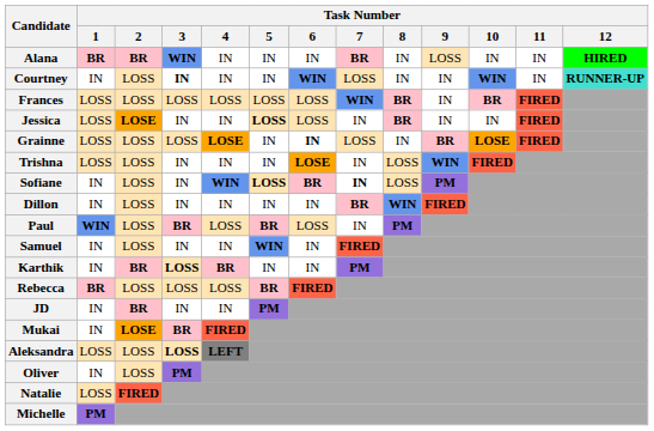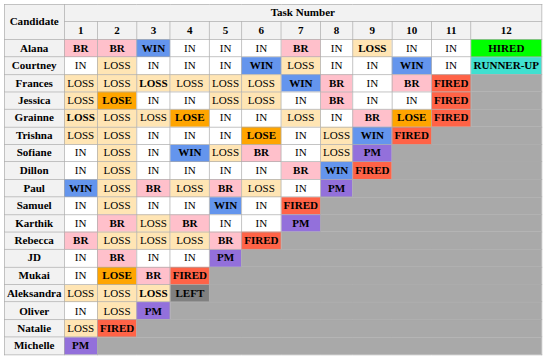 <table class="wikitable" style="text-align:center">
 <tr>
 <th rowspan="2">Candidate</th>
 <th colspan="13">Task Number</th>
 </tr>
 <tr>
 <th>1</th>
 <th>2</th>
 <th>3</th>
 <th>4</th>
 <th>5</th>
 <th>6</th>
 <th>7</th>
 <th>8</th>
 <th>9</th>
 <th>10</th>
 <th>11</th>
 <th>12</th>
 </tr>
 <tr>
 <th>Alana</th>
 <td style="background:pink;"><strong>BR</strong></td>
 <td style="background:pink;"><strong>BR</strong></td>
 <td style="background:cornflowerblue;"><strong>WIN</strong></td>
 <td style="background:white;">IN</td>
 <td style="background:white;">IN</td>
 <td style="background:white;">IN</td>
 <td style="background:pink;"><strong>BR</strong></td>
 <td style="background:white;">IN</td>
-<td style="background:#FFE5B4;">LOSS</td>
+<td style="background:#FFE5B4;"><strong>LOSS</strong></td>
 <td style="background:white;">IN</td>
 <td style="background:white;">IN</td>
 <td style="background:lime;"><strong>HIRED</strong></td>
 </tr>
 <tr>
 <th>Courtney</th>
 <td style="background:white;">IN</td>
 <td style="background:#FFE5B4;">LOSS</td>
-<td style="background:white;"><strong>IN</strong></td>
+<td style="background:white;">IN</td>
 <td style="background:white;">IN</td>
 <td style="background:white;">IN</td>
 <td style="background:cornflowerblue;"><strong>WIN</strong></td>
 <td style="background:#FFE5B4;">LOSS</td>
 <td style="background:white;">IN</td>
 <td style="background:white;">IN</td>
 <td style="background:cornflowerblue;"><strong>WIN</strong></td>
 <td style="background:white;">IN</td>
 <td style="background:turquoise;"><strong>RUNNER-UP</strong></td>
 </tr>
 <tr>
 <th>Frances</th>
 <td style="background:#FFE5B4;">LOSS</td>
 <td style="background:#FFE5B4;">LOSS</td>
-<td style="background:#FFE5B4;">LOSS</td>
+<td style="background:#FFE5B4;"><strong>LOSS</strong></td>
 <td style="background:#FFE5B4;">LOSS</td>
 <td style="background:#FFE5B4;">LOSS</td>
 <td style="background:#FFE5B4;">LOSS</td>
 <td style="background:cornflowerblue;"><strong>WIN</strong></td>
 <td style="background:pink;"><strong>BR</strong></td>
 <td style="background:white;">IN</td>
 <td style="background:pink;"><strong>BR</strong></td>
 <td style="background:tomato;"><strong>FIRED</strong></td>
 <td colspan="1" style="background:darkgrey;"></td>
 </tr>
 <tr>
 <th>Jessica</th>
 <td style="background:#FFE5B4;">LOSS</td>
 <td style="background:orange;"><strong>LOSE</strong></td>
 <td style="background:white;">IN</td>
 <td style="background:white;">IN</td>
-<td style="background:#FFE5B4;"><strong>LOSS</strong></td>
+<td style="background:#FFE5B4;">LOSS</td>
 <td style="background:#FFE5B4;">LOSS</td>
 <td style="background:white;">IN</td>
 <td style="background:pink;"><strong>BR</strong></td>
 <td style="background:white;">IN</td>
 <td style="background:white;">IN</td>
 <td style="background:tomato;"><strong>FIRED</strong></td>
 <td colspan="1" style="background:darkgrey;"></td>
 </tr>
 <tr>
 <th>Grainne</th>
-<td style="background:#FFE5B4;">LOSS</td>
+<td style="background:#FFE5B4;"><strong>LOSS</strong></td>
 <td style="background:#FFE5B4;">LOSS</td>
 <td style="background:#FFE5B4;">LOSS</td>
 <td style="background:orange;"><strong>LOSE</strong></td>
 <td style="background:white;">IN</td>
-<td style="background:white;"><strong>IN</strong></td>
+<td style="background:white;">IN</td>
 <td style="background:#FFE5B4;">LOSS</td>
 <td style="background:white;">IN</td>
 <td style="background:pink;"><strong>BR</strong></td>
 <td style="background:orange;"><strong>LOSE</strong></td>
 <td style="background:tomato;"><strong>FIRED</strong></td>
 <td colspan="1" style="background:darkgrey;"></td>
 </tr>
 <tr>
 <th>Trishna</th>
 <td style="background:#FFE5B4;">LOSS</td>
 <td style="background:#FFE5B4;">LOSS</td>
 <td style="background:white;">IN</td>
 <td style="background:white;">IN</td>
 <td style="background:white;">IN</td>
 <td style="background:orange;"><strong>LOSE</strong></td>
 <td style="background:white;">IN</td>
 <td style="background:#FFE5B4;">LOSS</td>
 <td style="background:cornflowerblue;"><strong>WIN</strong></td>
 <td style="background:tomato;"><strong>FIRED</strong></td>
 <td colspan="2" style="background:darkgrey;"></td>
 </tr>
 <tr>
 <th>Sofiane</th>
 <td style="background:white;">IN</td>
 <td style="background:#FFE5B4;">LOSS</td>
 <td style="background:white;">IN</td>
 <td style="background:cornflowerblue;"><strong>WIN</strong></td>
-<td style="background:#FFE5B4;"><strong>LOSS</strong></td>
+<td style="background:#FFE5B4;">LOSS</td>
 <td style="background:pink;"><strong>BR</strong></td>
-<td style="background:white;"><strong>IN</strong></td>
+<td style="background:white;">IN</td>
 <td style="background:#FFE5B4;">LOSS</td>
 <td style="background:#9370DB;"><strong>PM</strong></td>
 <td colspan="3" style="background:darkgrey;"></td>
 </tr>
 <tr>
 <th>Dillon</th>
 <td style="background:white;">IN</td>
 <td style="background:#FFE5B4;">LOSS</td>
 <td style="background:white;">IN</td>
 <td style="background:white;">IN</td>
 <td style="background:white;">IN</td>
 <td style="background:white;">IN</td>
 <td style="background:pink;"><strong>BR</strong></td>
 <td style="background:cornflowerblue;"><strong>WIN</strong></td>
 <td style="background:tomato;"><strong>FIRED</strong></td>
 <td colspan="3" style="background:darkgrey;"></td>
 </tr>
 <tr>
 <th>Paul</th>
 <td style="background:cornflowerblue;"><strong>WIN</strong></td>
 <td style="background:#FFE5B4;">LOSS</td>
 <td style="background:pink;"><strong>BR</strong></td>
 <td style="background:#FFE5B4;">LOSS</td>
 <td style="background:pink;"><strong>BR</strong></td>
 <td style="background:#FFE5B4;">LOSS</td>
 <td style="background:white;">IN</td>
 <td style="background:#9370DB;"><strong>PM</strong></td>
 <td colspan="4" style="background:darkgrey;"></td>
 </tr>
 <tr>
 <th>Samuel</th>
 <td style="background:white;">IN</td>
 <td style="background:#FFE5B4;">LOSS</td>
 <td style="background:white;">IN</td>
 <td style="background:white;">IN</td>
 <td style="background:cornflowerblue;"><strong>WIN</strong></td>
 <td style="background:white;">IN</td>
 <td style="background:tomato;"><strong>FIRED</strong></td>
 <td colspan="5" style="background:darkgrey;"></td>
 </tr>
 <tr>
 <th>Karthik</th>
 <td style="background:white;">IN</td>
 <td style="background:pink;"><strong>BR</strong></td>
-<td style="background:#FFE5B4;"><strong>LOSS</strong></td>
+<td style="background:#FFE5B4;">LOSS</td>
 <td style="background:pink;"><strong>BR</strong></td>
 <td style="background:white;">IN</td>
 <td style="background:white;">IN</td>
 <td style="background:#9370DB;"><strong>PM</strong></td>
 <td colspan="5" style="background:darkgrey;"></td>
 </tr>
 <tr>
 <th>Rebecca</th>
 <td style="background:pink;"><strong>BR</strong></td>
 <td style="background:#FFE5B4;">LOSS</td>
 <td style="background:#FFE5B4;">LOSS</td>
 <td style="background:#FFE5B4;">LOSS</td>
 <td style="background:pink;"><strong>BR</strong></td>
 <td style="background:tomato;"><strong>FIRED</strong></td>
 <td colspan="6" style="background:darkgrey;"></td>
 </tr>
 <tr>
 <th>JD</th>
 <td style="background:white;">IN</td>
 <td style="background:pink;"><strong>BR</strong></td>
 <td style="background:white;">IN</td>
 <td style="background:white;">IN</td>
 <td style="background:#9370DB;"><strong>PM</strong></td>
 <td colspan="7" style="background:darkgrey;"></td>
 </tr>
 <tr>
 <th>Mukai</th>
 <td style="background:white;">IN</td>
 <td style="background:orange;"><strong>LOSE</strong></td>
 <td style="background:pink;"><strong>BR</strong></td>
 <td style="background:tomato;"><strong>FIRED</strong></td>
 <td colspan="8" style="background:darkgrey;"></td>
 </tr>
 <tr>
 <th>Aleksandra</th>
 <td style="background:#FFE5B4;">LOSS</td>
 <td style="background:#FFE5B4;">LOSS</td>
 <td style="background:#FFE5B4;"><strong>LOSS</strong></td>
 <td style="background:gray;"><strong>LEFT</strong></td>
 <td colspan="8" style="background:darkgrey;"></td>
 </tr>
 <tr>
 <th>Oliver</th>
 <td style="background:white;">IN</td>
 <td style="background:#FFE5B4;">LOSS</td>
 <td style="background:#9370DB;"><strong>PM</strong></td>
 <td colspan="9" style="background:darkgrey;"></td>
 </tr>
 <tr>
 <th>Natalie</th>
 <td style="background:#FFE5B4;">LOSS</td>
 <td style="background:tomato;"><strong>FIRED</strong></td>
 <td colspan="10" style="background:darkgrey;"></td>
 </tr>
 <tr>
 <th>Michelle</th>
 <td style="background:#9370DB;"><strong>PM</strong></td>
 <td colspan="11" style="background:darkgrey;"></td>
 </tr>
 </table>
